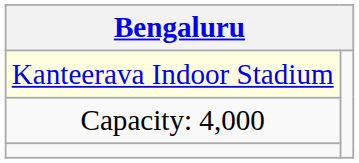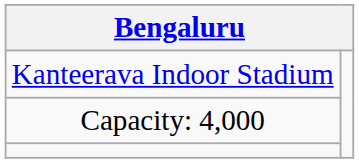 <table class="wikitable" style="text-align:center; margin:1em auto;">
 <tr>
 <th colspan=2><a href='#'>Bengaluru</a></th>
 </tr>
 <tr>
-<td style="background: lightyellow;"><a href='#'>Kanteerava Indoor Stadium</a></td>
+<td><a href='#'>Kanteerava Indoor Stadium</a></td>
 <td rowspan=3></td>
 </tr>
 <tr>
 <td>Capacity: 4,000</td>
 </tr>
 <tr>
 <td></td>
 </tr>
 </table>
